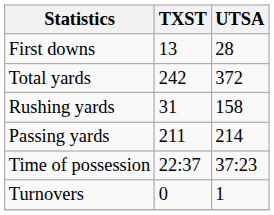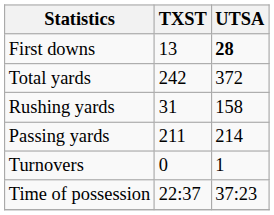 <table class="wikitable" style="float: left;">
 <tr>
 <th>Statistics</th>
 <th>TXST</th>
 <th>UTSA</th>
 </tr>
 <tr>
 <td>First downs</td>
 <td>13</td>
-<td>28</td>
+<td><strong>28</strong></td>
 </tr>
 <tr>
 <td>Total yards</td>
 <td>242</td>
 <td>372</td>
 </tr>
 <tr>
 <td>Rushing yards</td>
 <td>31</td>
 <td>158</td>
 </tr>
 <tr>
 <td>Passing yards</td>
 <td>211</td>
 <td>214</td>
 </tr>
 <tr>
+<td>Turnovers</td>
+<td>0</td>
+<td>1</td>
+</tr>
+<tr>
 <td>Time of possession</td>
 <td>22:37</td>
 <td>37:23</td>
 </tr>
 <tr>
-<td>Turnovers</td>
-<td>0</td>
-<td>1</td>
-</tr>
-<tr>
 </tr>
 </table>
